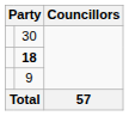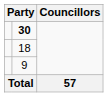 <table class="wikitable">
 <tr>
 <th colspan=2>Party</th>
 <th>Councillors</th>
 </tr>
 <tr>
 <td></td>
-<td align=center>30</td>
+<td align=center><strong>30</strong></td>
 </tr>
 <tr>
 <td></td>
-<td align=center><strong>18</strong></td>
+<td align=center>18</td>
 </tr>
 <tr>
 <td></td>
 <td align=center>9</td>
 </tr>
 <tr>
 <th colspan=2>Total</th>
 <th align=center>57</th>
 </tr>
 </table>
